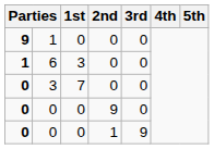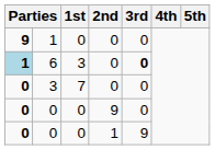 <table class="wikitable" style="text-align:right;">
 <tr>
 <th colspan=2 style="text-align:left;">Parties</th>
 <th>1st</th>
 <th>2nd</th>
 <th>3rd</th>
 <th>4th</th>
 <th>5th</th>
 </tr>
 <tr>
 <td><strong>9</strong></td>
 <td>1</td>
 <td>0</td>
 <td>0</td>
 <td>0</td>
 </tr>
 <tr>
-<td><strong>1</strong></td>
+<td style="background: lightblue;"><strong>1</strong></td>
 <td>6</td>
 <td>3</td>
 <td>0</td>
-<td>0</td>
+<td><strong>0</strong></td>
 </tr>
 <tr>
 <td><strong>0</strong></td>
 <td>3</td>
 <td>7</td>
 <td>0</td>
 <td>0</td>
 </tr>
 <tr>
 <td><strong>0</strong></td>
 <td>0</td>
 <td>0</td>
 <td>9</td>
 <td>0</td>
 </tr>
 <tr>
 <td><strong>0</strong></td>
 <td>0</td>
 <td>0</td>
 <td>1</td>
 <td>9</td>
 </tr>
 </table>
